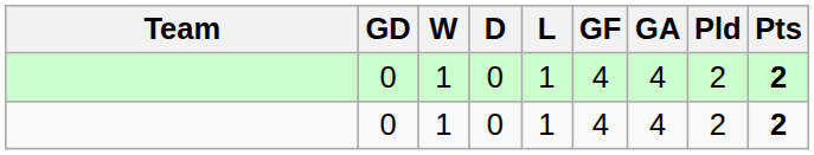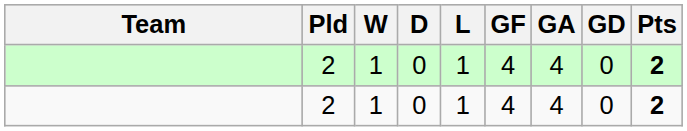 <table class="wikitable" style="text-align:center;">
 <tr>
 <th width=180>Team</th>
-<th width=20>GD</th>
+<th width=20>Pld</th>
 <th width=20>W</th>
 <th width=20>D</th>
 <th width=20>L</th>
 <th width=20>GF</th>
 <th width=20>GA</th>
-<th width=20>Pld</th>
+<th width=20>GD</th>
 <th width=20>Pts</th>
 </tr>
 <tr bgcolor="ccffcc">
 <td align="left"></td>
-<td>0</td>
+<td>2</td>
 <td>1</td>
 <td>0</td>
 <td>1</td>
 <td>4</td>
 <td>4</td>
-<td>2</td>
+<td>0</td>
 <td><strong>2</strong></td>
 </tr>
 <tr>
 <td align="left"></td>
-<td>0</td>
+<td>2</td>
 <td>1</td>
 <td>0</td>
 <td>1</td>
 <td>4</td>
 <td>4</td>
-<td>2</td>
+<td>0</td>
 <td><strong>2</strong></td>
 </tr>
 </table>
